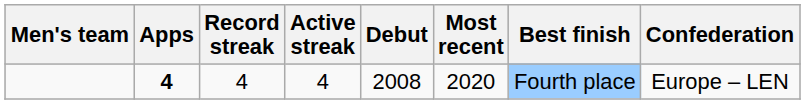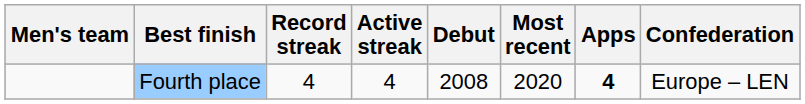 <table class="wikitable" style="text-align: center; font-size: 90%; margin-left: 1em;">
 <tr>
 <th>Men's team</th>
-<th>Apps</th>
+<th>Best finish</th>
 <th>Record<br>streak</th>
 <th>Active<br>streak</th>
 <th>Debut</th>
 <th>Most<br>recent</th>
-<th>Best finish</th>
+<th>Apps</th>
 <th>Confederation</th>
 </tr>
 <tr>
 <td style="text-align: left;"></td>
-<td><strong>4</strong></td>
+<td style="background-color: #9acdff;">Fourth place</td>
 <td>4</td>
 <td>4</td>
 <td>2008</td>
 <td>2020</td>
-<td style="background-color: #9acdff;">Fourth place</td>
+<td><strong>4</strong></td>
 <td>Europe – LEN</td>
 </tr>
 </table>
